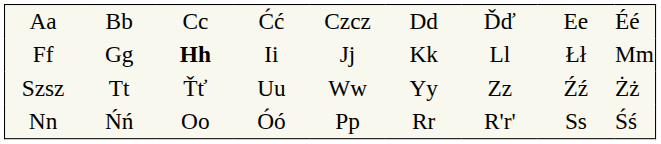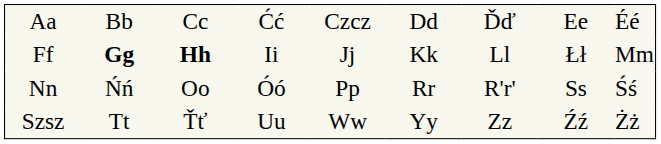 <table style="font-family:Microsoft Sans Serif; font-size:1.4em; border-color:#000000; border-width:1px; border-style:solid; border-collapse:collapse; background-color:#F8F8EF">
 <tr>
 <td style="width:3em; text-align:center; padding: 3px;">Aa</td>
 <td style="width:3em; text-align:center; padding: 3px;">Bb</td>
 <td style="width:3em; text-align:center; padding: 3px;">Cc</td>
 <td style="width:3em; text-align:center; padding: 3px;">Ćć</td>
 <td style="width:3em; text-align:center; padding: 3px;">Czcz</td>
 <td style="width:3em; text-align:center; padding: 3px;">Dd</td>
 <td style="width:3em; text-align:center; padding: 3px;">Ďď</td>
 <td style="width:3em; text-align:center; padding: 3px;">Ee</td>
 <td>Éé</td>
 </tr>
 <tr>
 <td style="width:3em; text-align:center; padding: 3px;">Ff</td>
-<td style="width:3em; text-align:center; padding: 3px;">Gg</td>
+<td style="width:3em; text-align:center; padding: 3px;"><strong>Gg</strong></td>
 <td style="width:3em; text-align:center; padding: 3px;"><strong>Hh</strong></td>
 <td style="width:3em; text-align:center; padding: 3px;">Ii</td>
 <td style="width:3em; text-align:center; padding: 3px;">Jj</td>
 <td style="width:3em; text-align:center; padding: 3px;">Kk</td>
 <td style="width:3em; text-align:center; padding: 3px;">Ll</td>
 <td style="width:3em; text-align:center; padding: 3px;">Łł</td>
 <td>Mm</td>
+</tr>
+<tr>
+<td style="width:3em; text-align:center; padding: 3px;">Nn</td>
+<td style="width:3em; text-align:center; padding: 3px;">Ńń</td>
+<td style="width:3em; text-align:center; padding: 3px;">Oo</td>
+<td style="width:3em; text-align:center; padding: 3px;">Óó</td>
+<td style="width:3em; text-align:center; padding: 3px;">Pp</td>
+<td style="width:3em; text-align:center; padding: 3px;">Rr</td>
+<td style="width:3em; text-align:center; padding: 3px;">R'r'</td>
+<td style="width:3em; text-align:center; padding: 3px;">Ss</td>
+<td>Śś</td>
 </tr>
 <tr>
 <td style="width:3em; text-align:center; padding: 3px;">Szsz</td>
 <td style="width:3em; text-align:center; padding: 3px;">Tt</td>
 <td style="width:3em; text-align:center; padding: 3px;">Ťť</td>
 <td style="width:3em; text-align:center; padding: 3px;">Uu</td>
 <td style="width:3em; text-align:center; padding: 3px;">Ww</td>
 <td style="width:3em; text-align:center; padding: 3px;">Yy</td>
 <td style="width:3em; text-align:center; padding: 3px;">Zz</td>
 <td style="width:3em; text-align:center; padding: 3px;">Źź</td>
 <td>Żż</td>
 </tr>
-<tr>
-<td style="width:3em; text-align:center; padding: 3px;">Nn</td>
-<td style="width:3em; text-align:center; padding: 3px;">Ńń</td>
-<td style="width:3em; text-align:center; padding: 3px;">Oo</td>
-<td style="width:3em; text-align:center; padding: 3px;">Óó</td>
-<td style="width:3em; text-align:center; padding: 3px;">Pp</td>
-<td style="width:3em; text-align:center; padding: 3px;">Rr</td>
-<td style="width:3em; text-align:center; padding: 3px;">R'r'</td>
-<td style="width:3em; text-align:center; padding: 3px;">Ss</td>
-<td>Śś</td>
-</tr>
 </table>
